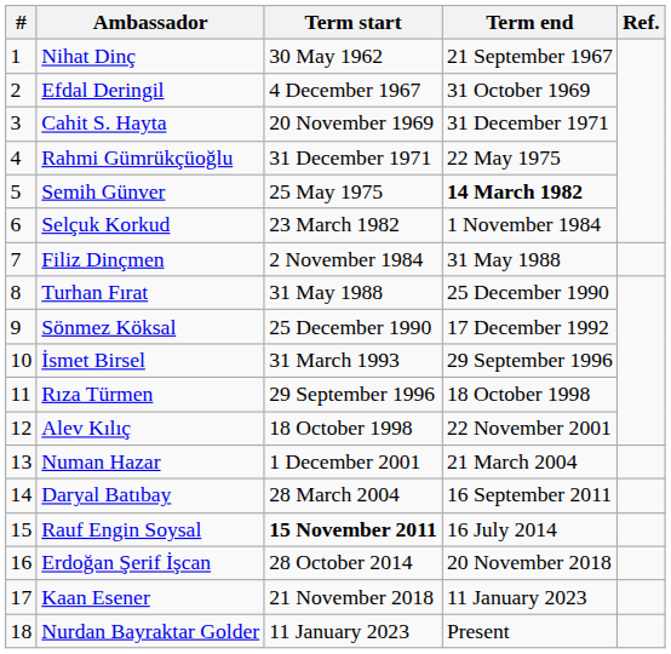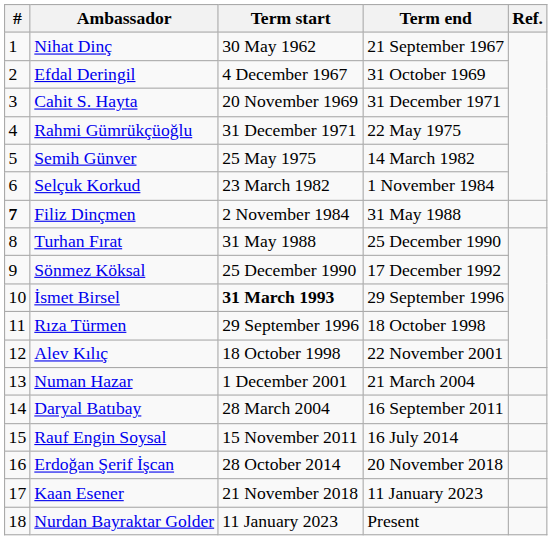 <table class="wikitable">
 <tr>
 <th>#</th>
 <th>Ambassador</th>
 <th>Term start</th>
 <th>Term end</th>
 <th>Ref.</th>
 </tr>
 <tr>
 <td>1</td>
 <td><a href='#'>Nihat Dinç</a></td>
 <td>30 May 1962</td>
 <td>21 September 1967</td>
 <td rowspan="6"></td>
 </tr>
 <tr>
 <td>2</td>
 <td><a href='#'>Efdal Deringil</a></td>
 <td>4 December 1967</td>
 <td>31 October 1969</td>
 </tr>
 <tr>
 <td>3</td>
 <td><a href='#'>Cahit S. Hayta</a></td>
 <td>20 November 1969</td>
 <td>31 December 1971</td>
 </tr>
 <tr>
 <td>4</td>
 <td><a href='#'>Rahmi Gümrükçüoğlu</a></td>
 <td>31 December 1971</td>
 <td>22 May 1975</td>
 </tr>
 <tr>
 <td>5</td>
 <td><a href='#'>Semih Günver</a></td>
 <td>25 May 1975</td>
-<td><strong>14 March 1982</strong></td>
+<td>14 March 1982</td>
 </tr>
 <tr>
 <td>6</td>
 <td><a href='#'>Selçuk Korkud</a></td>
 <td>23 March 1982</td>
 <td>1 November 1984</td>
 </tr>
 <tr>
-<td>7</td>
+<td><strong>7</strong></td>
 <td><a href='#'>Filiz Dinçmen</a></td>
 <td>2 November 1984</td>
 <td>31 May 1988</td>
 <td></td>
 </tr>
 <tr>
 <td>8</td>
 <td><a href='#'>Turhan Fırat</a></td>
 <td>31 May 1988</td>
 <td>25 December 1990</td>
 <td rowspan="5"></td>
 </tr>
 <tr>
 <td>9</td>
 <td><a href='#'>Sönmez Köksal</a></td>
 <td>25 December 1990</td>
 <td>17 December 1992</td>
 </tr>
 <tr>
 <td>10</td>
 <td><a href='#'>İsmet Birsel</a></td>
-<td>31 March 1993</td>
+<td><strong>31 March 1993</strong></td>
 <td>29 September 1996</td>
 </tr>
 <tr>
 <td>11</td>
 <td><a href='#'>Rıza Türmen</a></td>
 <td>29 September 1996</td>
 <td>18 October 1998</td>
 </tr>
 <tr>
 <td>12</td>
 <td><a href='#'>Alev Kılıç</a></td>
 <td>18 October 1998</td>
 <td>22 November 2001</td>
 </tr>
 <tr>
 <td>13</td>
 <td><a href='#'>Numan Hazar</a></td>
 <td>1 December 2001</td>
 <td>21 March 2004</td>
 <td></td>
 </tr>
 <tr>
 <td>14</td>
 <td><a href='#'>Daryal Batıbay</a></td>
 <td>28 March 2004</td>
 <td>16 September 2011</td>
 <td></td>
 </tr>
 <tr>
 <td>15</td>
 <td><a href='#'>Rauf Engin Soysal</a></td>
-<td><strong>15 November 2011</strong></td>
+<td>15 November 2011</td>
 <td>16 July 2014</td>
 <td></td>
 </tr>
 <tr>
 <td>16</td>
 <td><a href='#'>Erdoğan Şerif İşcan</a></td>
 <td>28 October 2014</td>
 <td>20 November 2018</td>
 <td></td>
 </tr>
 <tr>
 <td>17</td>
 <td><a href='#'>Kaan Esener</a></td>
 <td>21 November 2018</td>
 <td>11 January 2023</td>
 <td></td>
 </tr>
 <tr>
 <td>18</td>
 <td><a href='#'>Nurdan Bayraktar Golder</a></td>
 <td>11 January 2023</td>
 <td>Present</td>
 <td></td>
 </tr>
 </table>
